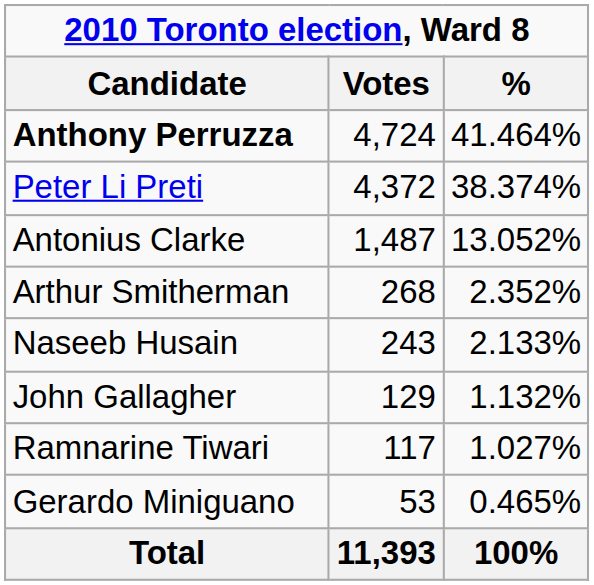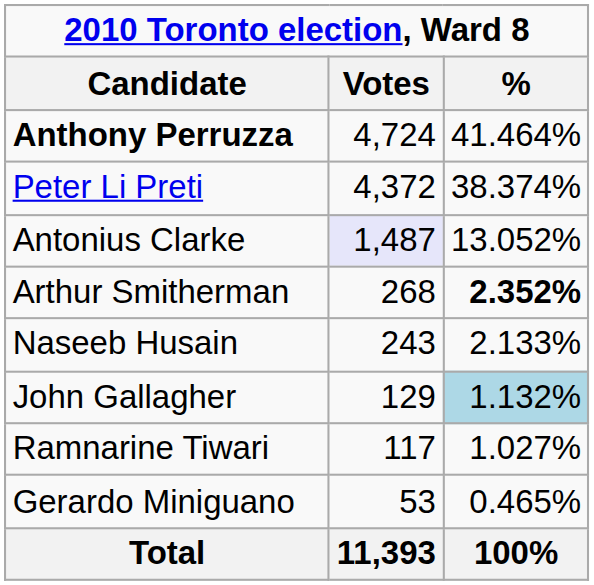 <table class="wikitable">
 <tr>
 <td Colspan="3" align="center"><strong><a href='#'>2010 Toronto election</a>, Ward 8</strong></td>
 </tr>
 <tr>
 <th bgcolor="#DDDDFF" width="150px">Candidate</th>
 <th bgcolor="#DDDDFF">Votes</th>
 <th bgcolor="#DDDDFF">%</th>
 </tr>
 <tr>
 <td><strong>Anthony Perruzza</strong></td>
 <td align=right>4,724</td>
 <td align=right>41.464%</td>
 </tr>
 <tr>
 <td><a href='#'>Peter Li Preti</a></td>
 <td align=right>4,372</td>
 <td align=right>38.374%</td>
 </tr>
 <tr>
 <td>Antonius Clarke</td>
-<td align=right>1,487</td>
+<td align=right style="background: lavender;">1,487</td>
 <td align=right>13.052%</td>
 </tr>
 <tr>
 <td>Arthur Smitherman</td>
 <td align=right>268</td>
-<td align=right>2.352%</td>
+<td align=right><strong>2.352%</strong></td>
 </tr>
 <tr>
 <td>Naseeb Husain</td>
 <td align=right>243</td>
 <td align=right>2.133%</td>
 </tr>
 <tr>
 <td>John Gallagher</td>
 <td align=right>129</td>
-<td align=right>1.132%</td>
+<td align=right style="background: lightblue;">1.132%</td>
 </tr>
 <tr>
 <td>Ramnarine Tiwari</td>
 <td align=right>117</td>
 <td align=right>1.027%</td>
 </tr>
 <tr>
 <td>Gerardo Miniguano</td>
 <td align=right>53</td>
 <td align=right>0.465%</td>
 </tr>
 <tr>
 <th>Total</th>
 <th align=right>11,393</th>
 <th align=right>100%</th>
 </tr>
 </table>
